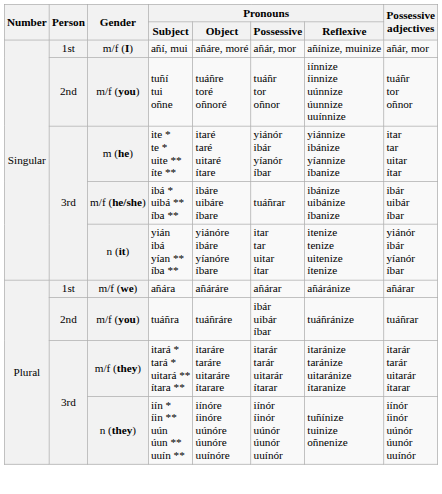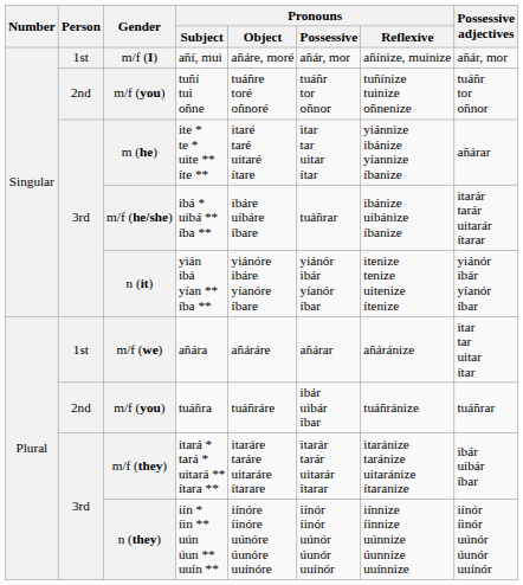 <table class="wikitable">
 <tr>
 <th rowspan=2 style="vertical-align:center">Number</th>
 <th rowspan=2 style="vertical-align:center">Person</th>
 <th rowspan=2 style="vertical-align:center">Gender</th>
 <th colspan=4>Pronouns</th>
 <th rowspan=2 style="vertical-align:center">Possessive<br>adjectives</th>
 </tr>
 <tr>
 <th>Subject</th>
 <th>Object</th>
 <th>Possessive</th>
 <th>Reflexive</th>
 </tr>
 <tr>
 <th ROWSPAN="5" style="font-weight:normal">Singular</th>
 <th style="vertical-align:center; font-weight:normal">1st</th>
 <th style="vertical-align:center; font-weight:normal">m/f (<strong>I</strong>)</th>
 <td>añí, mui</td>
 <td>añáre, moré</td>
 <td>añár, mor</td>
 <td>añínize, muinize</td>
 <td>añár, mor</td>
 </tr>
 <tr>
 <th style="vertical-align:center; font-weight:normal">2nd</th>
 <th style="vertical-align:center; font-weight:normal">m/f (<strong>you</strong>)</th>
 <td>tuñí<br>tui<br>oñne</td>
 <td>tuáñre<br>toré<br>oñnoré</td>
 <td>tuáñr<br>tor<br>oñnor</td>
-<td>iínnize<br>íinnize<br>uúnnize<br>úunnize<br>uuínnize</td>
+<td>tuñínize<br>tuinize<br>oñnenize</td>
 <td>tuáñr<br>tor<br>oñnor</td>
 </tr>
 <tr>
 <th rowspan=3 style="vertical-align:center; font-weight:normal">3rd</th>
 <th style="vertical-align:center; font-weight:normal">m (<strong>he</strong>)</th>
 <td>ite *<br>te *<br>uite **<br>íte **</td>
 <td>itaré<br>taré<br>uitaré<br>ítare</td>
-<td>yiánór<br>ibár<br>yíanór<br>íbar</td>
+<td>itar<br>tar<br>uitar<br>ítar</td>
 <td>yiánnize<br>ibánize<br>yíannize<br>íbanize</td>
-<td>itar<br>tar<br>uitar<br>ítar</td>
+<td>añárar</td>
 </tr>
 <tr>
 <th style="vertical-align:center; font-weight:normal">m/f (<strong>he/she</strong>)</th>
 <td>ibá *<br>uibá **<br>íba **</td>
 <td>ibáre<br>uibáre<br>íbare</td>
 <td>tuáñrar</td>
 <td>ibánize<br>uibánize<br>íbanize</td>
-<td>ibár<br>uibár<br>íbar</td>
+<td>itarár<br>tarár<br>uitarár<br>ítarar</td>
 </tr>
 <tr>
 <th style="vertical-align:center; font-weight:normal">n (<strong>it</strong>)</th>
 <td>yián<br>ibá<br>yían **<br>íba **</td>
 <td>yiánóre<br>ibáre<br>yíanóre<br>íbare</td>
-<td>itar<br>tar<br>uitar<br>ítar</td>
+<td>yiánór<br>ibár<br>yíanór<br>íbar</td>
 <td>itenize<br>tenize<br>uitenize<br>ítenize</td>
 <td>yiánór<br>ibár<br>yíanór<br>íbar</td>
 </tr>
 <tr>
 <th rowspan=4 style="font-weight:normal">Plural</th>
 <th style="vertical-align:center; font-weight:normal">1st</th>
 <th style="vertical-align:center; font-weight:normal">m/f (<strong>we</strong>)</th>
 <td>añára</td>
 <td>añáráre</td>
 <td>añárar</td>
 <td>añáránize</td>
-<td>añárar</td>
+<td>itar<br>tar<br>uitar<br>ítar</td>
 </tr>
 <tr>
 <th style="vertical-align:center; font-weight:normal">2nd</th>
 <th style="vertical-align:center; font-weight:normal">m/f (<strong>you</strong>)</th>
 <td>tuáñra</td>
 <td>tuáñráre</td>
 <td>ibár<br>uibár<br>íbar</td>
 <td>tuáñránize</td>
 <td>tuáñrar</td>
 </tr>
 <tr>
 <th rowspan=2 style="vertical-align:center; font-weight:normal">3rd</th>
 <th style="vertical-align:center; font-weight:normal">m/f (<strong>they</strong>)</th>
 <td>itará *<br>tará *<br>uitará **<br>ítara **</td>
 <td>itaráre<br>taráre<br>uitaráre<br>ítarare</td>
 <td>itarár<br>tarár<br>uitarár<br>ítarar</td>
 <td>itaránize<br>taránize<br>uitaránize<br>ítaranize</td>
-<td>itarár<br>tarár<br>uitarár<br>ítarar</td>
+<td>ibár<br>uibár<br>íbar</td>
 </tr>
 <tr>
 <th style="vertical-align:center; font-weight:normal">n (<strong>they</strong>)</th>
 <td>iín *<br>íin **<br>uún<br>úun **<br>uuín **</td>
 <td>iínóre<br>íinóre<br>uúnóre<br>úunóre<br>uuínóre</td>
 <td>iínór<br>íinór<br>uúnór<br>úunór<br>uuínór</td>
-<td>tuñínize<br>tuinize<br>oñnenize</td>
+<td>iínnize<br>íinnize<br>uúnnize<br>úunnize<br>uuínnize</td>
 <td>iínór<br>íinór<br>uúnór<br>úunór<br>uuínór</td>
 </tr>
 </table>
